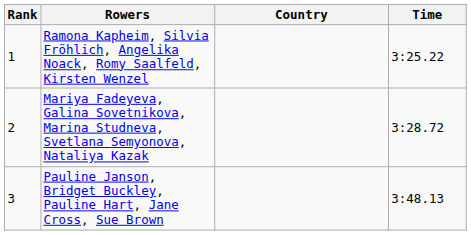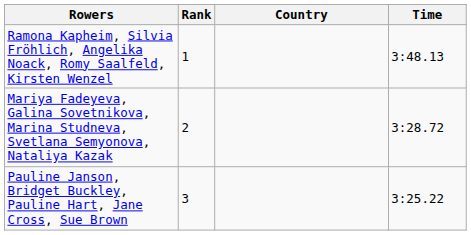 <table class="wikitable">
 <tr>
+<th width=175>Rowers</th>
 <th width=25>Rank</th>
-<th width=175>Rowers</th>
 <th width=175>Country</th>
 <th width=75>Time</th>
 </tr>
 <tr>
+<td><a href='#'>Ramona Kapheim</a>, <a href='#'>Silvia Fröhlich</a>, <a href='#'>Angelika Noack</a>, <a href='#'>Romy Saalfeld</a>, <a href='#'>Kirsten Wenzel</a></td>
 <td>1</td>
-<td><a href='#'>Ramona Kapheim</a>, <a href='#'>Silvia Fröhlich</a>, <a href='#'>Angelika Noack</a>, <a href='#'>Romy Saalfeld</a>, <a href='#'>Kirsten Wenzel</a></td>
 <td></td>
-<td>3:25.22</td>
+<td>3:48.13</td>
 </tr>
 <tr>
+<td><a href='#'>Mariya Fadeyeva</a>, <a href='#'>Galina Sovetnikova</a>, <a href='#'>Marina Studneva</a>, <a href='#'>Svetlana Semyonova</a>, <a href='#'>Nataliya Kazak</a></td>
 <td>2</td>
-<td><a href='#'>Mariya Fadeyeva</a>, <a href='#'>Galina Sovetnikova</a>, <a href='#'>Marina Studneva</a>, <a href='#'>Svetlana Semyonova</a>, <a href='#'>Nataliya Kazak</a></td>
 <td></td>
 <td>3:28.72</td>
 </tr>
 <tr>
+<td><a href='#'>Pauline Janson</a>, <a href='#'>Bridget Buckley</a>, <a href='#'>Pauline Hart</a>, <a href='#'>Jane Cross</a>, <a href='#'>Sue Brown</a></td>
 <td>3</td>
-<td><a href='#'>Pauline Janson</a>, <a href='#'>Bridget Buckley</a>, <a href='#'>Pauline Hart</a>, <a href='#'>Jane Cross</a>, <a href='#'>Sue Brown</a></td>
 <td></td>
-<td>3:48.13</td>
+<td>3:25.22</td>
 </tr>
 </table>
